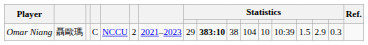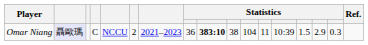 <table class="wikitable sortable" style="font-size:95%; text-align:right;">
 <tr>
 <th rowspan="2">Player</th>
 <th rowspan="2"></th>
 <th rowspan="2"></th>
 <th rowspan="2"></th>
 <th rowspan="2"></th>
 <th rowspan="2"></th>
 <th rowspan="2"></th>
 <th colspan="9">Statistics</th>
 <th rowspan="2">Ref.</th>
 </tr>
 <tr>
 <th></th>
 <th></th>
 <th></th>
 <th></th>
 <th></th>
 <th></th>
 <th></th>
 <th></th>
 <th></th>
 </tr>
 <tr>
 <td align="left"><em>Omar Niang</em></td>
-<td align="left">聶歐瑪</td>
+<td align="left" style="background: lavender;">聶歐瑪</td>
 <td align="center"></td>
 <td align="center">C</td>
 <td align="left"><a href='#'>NCCU</a></td>
 <td align="center">2</td>
 <td align="center"><a href='#'>2021</a>–<a href='#'>2023</a></td>
-<td>29</td>
+<td>36</td>
 <td><strong>383:10</strong></td>
 <td>38</td>
 <td>104</td>
-<td>10</td>
+<td>11</td>
 <td>10:39</td>
 <td>1.5</td>
 <td>2.9</td>
 <td>0.3</td>
 <td align="center"></td>
 </tr>
 </table>
